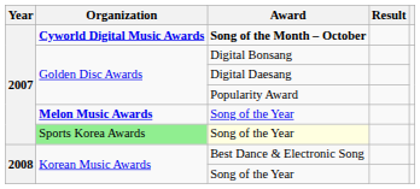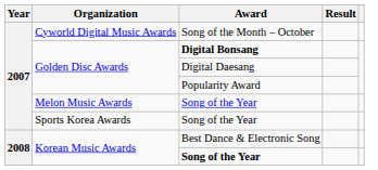 <table class="wikitable plainrowheaders">
 <tr>
 <th scope="col">Year</th>
 <th scope="col">Organization</th>
 <th scope="col">Award</th>
 <th scope="col">Result</th>
 <th class="unsortable"></th>
 </tr>
 <tr>
 <th rowspan="6" scope="row">2007</th>
-<td><strong><a href='#'>Cyworld Digital Music Awards</a></strong></td>
-<td><strong>Song of the Month – October</strong></td>
+<td><a href='#'>Cyworld Digital Music Awards</a></td>
+<td>Song of the Month – October</td>
 <td></td>
 <td align="center"></td>
 </tr>
 <tr>
 <td rowspan="3"><a href='#'>Golden Disc Awards</a></td>
-<td>Digital Bonsang</td>
+<td><strong>Digital Bonsang</strong></td>
 <td></td>
 <td rowspan="3" align="center"></td>
 </tr>
 <tr>
 <td>Digital Daesang</td>
 <td></td>
 </tr>
 <tr>
 <td>Popularity Award</td>
 <td></td>
 </tr>
 <tr>
-<td><strong><a href='#'>Melon Music Awards</a></strong></td>
+<td><a href='#'>Melon Music Awards</a></td>
 <td><a href='#'>Song of the Year</a></td>
 <td></td>
 <td align="center"></td>
 </tr>
 <tr>
-<td style="background: lightgreen;">Sports Korea Awards</td>
-<td style="background: lightyellow;">Song of the Year</td>
+<td>Sports Korea Awards</td>
+<td>Song of the Year</td>
 <td></td>
 <td align="center"></td>
 </tr>
 <tr>
 <th rowspan="2" scope="row">2008</th>
 <td rowspan="2"><a href='#'>Korean Music Awards</a></td>
 <td>Best Dance & Electronic Song</td>
 <td></td>
 <td align="center"></td>
 </tr>
 <tr>
-<td>Song of the Year</td>
+<td><strong>Song of the Year</strong></td>
 <td></td>
 <td align="center"></td>
 </tr>
 </table>
